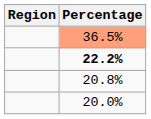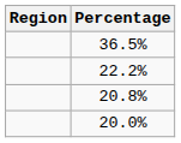 <table class="wikitable">
 <tr width=35% valign=top>
 <th>Region</th>
 <th>Percentage</th>
 </tr>
 <tr>
 <td></td>
-<td style="background: lightsalmon; text-align:center">36.5%</td>
+<td style="text-align:center">36.5%</td>
 </tr>
 <tr>
 <td></td>
-<td style="text-align:center"><strong>22.2%</strong></td>
+<td style="text-align:center">22.2%</td>
 </tr>
 <tr>
 <td></td>
 <td style="text-align:center">20.8%</td>
 </tr>
 <tr>
 <td></td>
 <td style="text-align:center">20.0%</td>
 </tr>
 </table>
